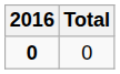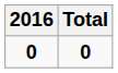 <table class="wikitable" style="text-align:center">
 <tr>
 <th>2016</th>
 <th>Total</th>
 </tr>
 <tr>
 <td><strong>0</strong></td>
-<td>0</td>
+<td><strong>0</strong></td>
 </tr>
 </table>
